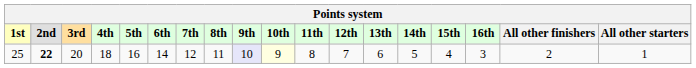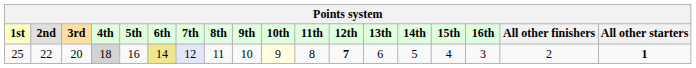 <table class="wikitable" style="font-size:85%; text-align:center">
 <tr>
 <th colspan="23">Points system</th>
 </tr>
 <tr>
 <td style="background:#ffffbf;"> <strong>1st</strong> </td>
 <td style="background:#dfdfdf;"> <strong>2nd</strong> </td>
 <td style="background:#ffdf9f;"> <strong>3rd</strong> </td>
 <td style="background:#dfffdf;"> <strong>4th</strong> </td>
 <td style="background:#dfffdf;"> <strong>5th</strong> </td>
 <td style="background:#dfffdf;"> <strong>6th</strong> </td>
 <td style="background:#dfffdf;"> <strong>7th</strong> </td>
 <td style="background:#dfffdf;"> <strong>8th</strong> </td>
 <td style="background:#dfffdf;"> <strong>9th</strong> </td>
 <td style="background:#dfffdf;"> <strong>10th</strong> </td>
 <td style="background:#dfffdf;"> <strong>11th</strong> </td>
 <td style="background:#dfffdf;"> <strong>12th</strong> </td>
 <td style="background:#dfffdf;"> <strong>13th</strong> </td>
 <td style="background:#dfffdf;"> <strong>14th</strong> </td>
 <td style="background:#dfffdf;"> <strong>15th</strong> </td>
 <td style="background:#dfffdf;"> <strong>16th</strong> </td>
 <th>All other finishers</th>
 <th>All other starters</th>
 </tr>
 <tr>
 <td>25</td>
-<td><strong>22</strong></td>
+<td>22</td>
 <td>20</td>
-<td>18</td>
+<td style="background: lightgrey;">18</td>
 <td>16</td>
-<td>14</td>
-<td>12</td>
+<td style="background: khaki;">14</td>
+<td style="background: lavender;">12</td>
 <td>11</td>
-<td style="background: lavender;">10</td>
+<td>10</td>
 <td style="background: lightyellow;">9</td>
 <td>8</td>
-<td>7</td>
+<td><strong>7</strong></td>
 <td>6</td>
 <td>5</td>
 <td>4</td>
 <td>3</td>
 <td>2</td>
-<td>1</td>
+<td><strong>1</strong></td>
 </tr>
 </table>
